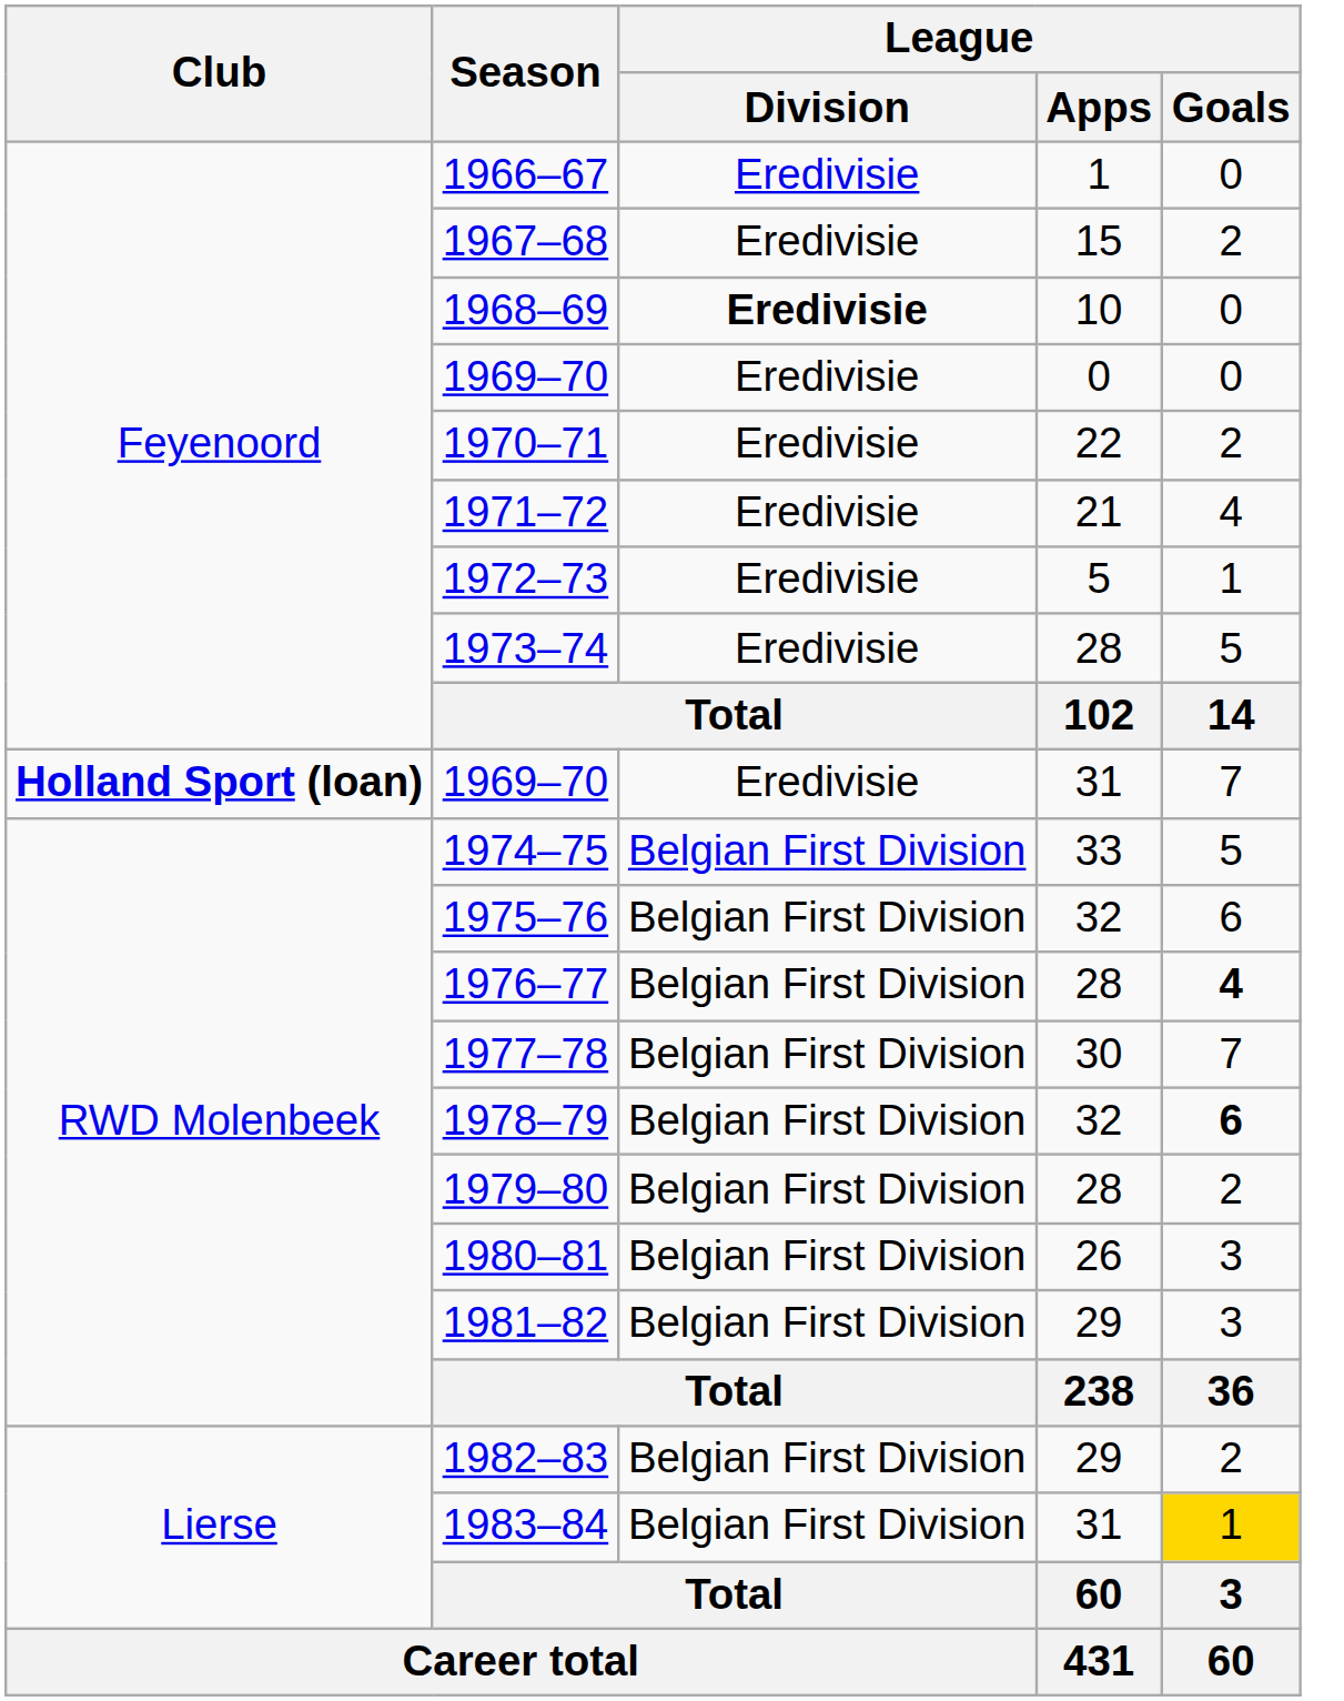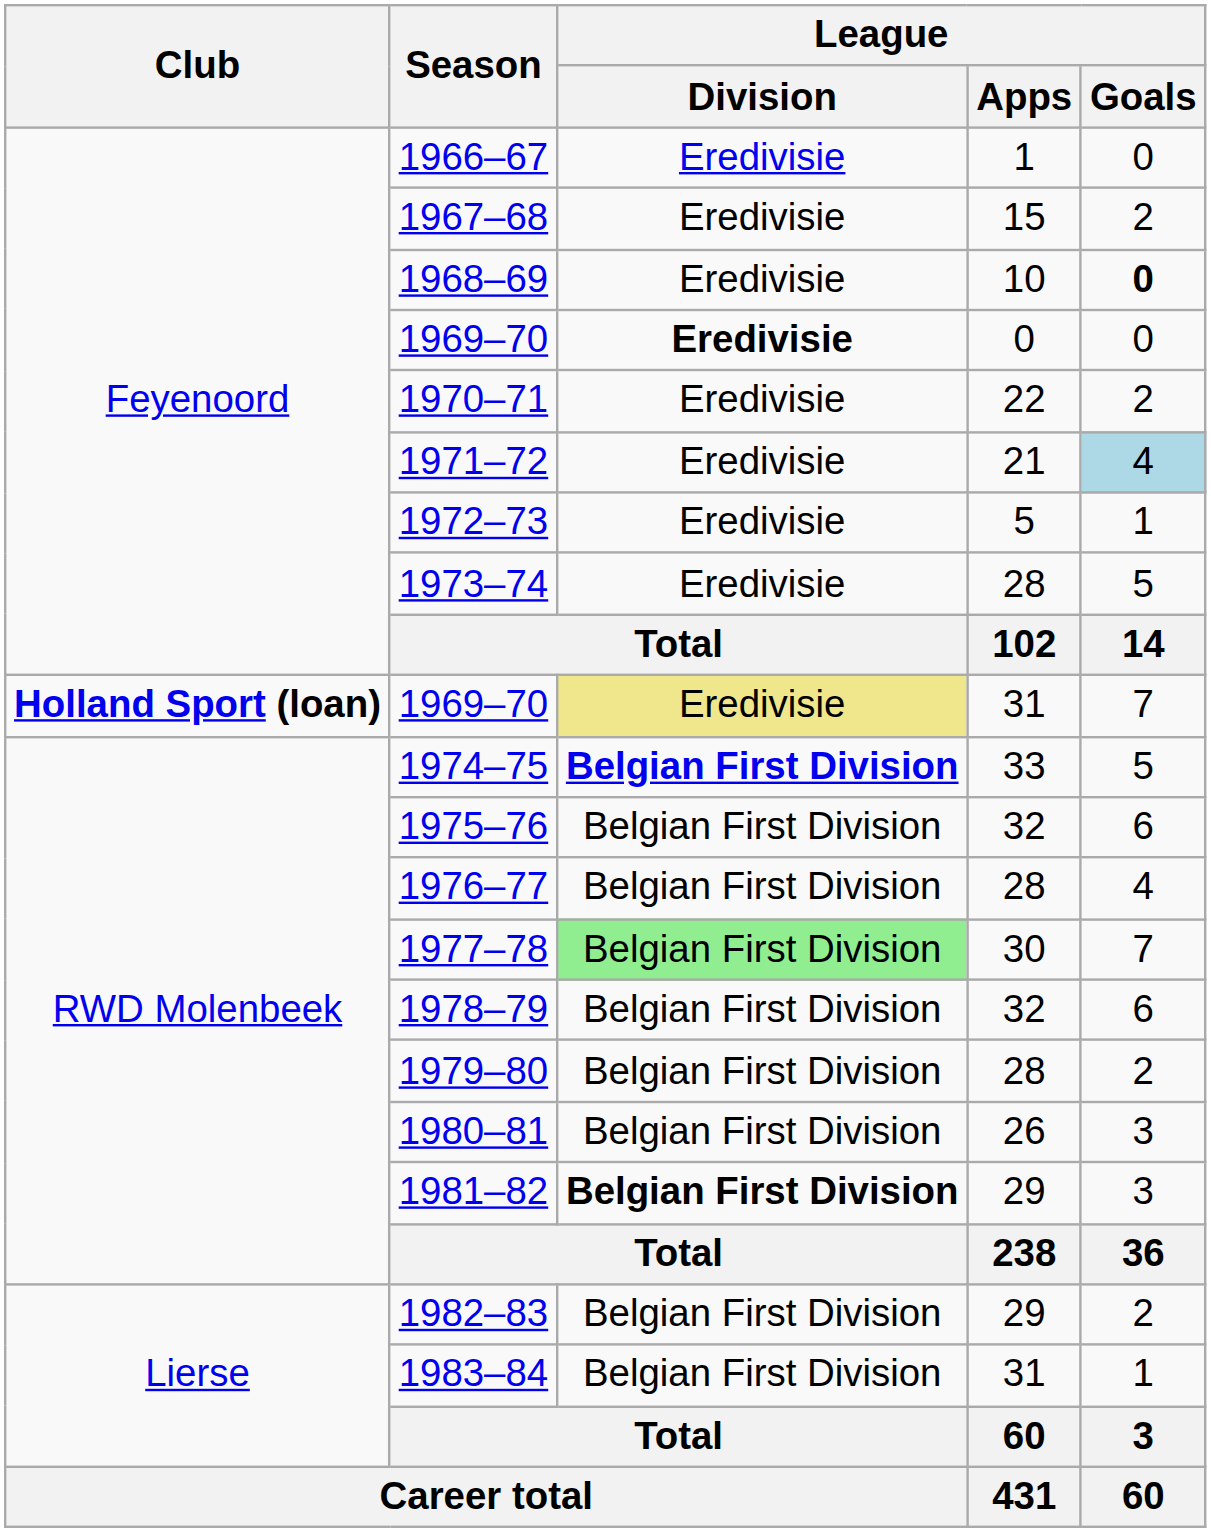 <table class="wikitable" style="text-align: center">
 <tr>
 <th rowspan="2">Club</th>
 <th rowspan="2">Season</th>
 <th colspan="3">League</th>
 </tr>
 <tr>
 <th>Division</th>
 <th>Apps</th>
 <th>Goals</th>
 </tr>
 <tr>
 <td rowspan="9"><a href='#'>Feyenoord</a></td>
 <td><a href='#'>1966–67</a></td>
 <td><a href='#'>Eredivisie</a></td>
 <td>1</td>
 <td>0</td>
 </tr>
 <tr>
 <td><a href='#'>1967–68</a></td>
 <td>Eredivisie</td>
 <td>15</td>
 <td>2</td>
 </tr>
 <tr>
 <td><a href='#'>1968–69</a></td>
-<td><strong>Eredivisie</strong></td>
+<td>Eredivisie</td>
 <td>10</td>
-<td>0</td>
+<td><strong>0</strong></td>
 </tr>
 <tr>
 <td><a href='#'>1969–70</a></td>
-<td>Eredivisie</td>
+<td><strong>Eredivisie</strong></td>
 <td>0</td>
 <td>0</td>
 </tr>
 <tr>
 <td><a href='#'>1970–71</a></td>
 <td>Eredivisie</td>
 <td>22</td>
 <td>2</td>
 </tr>
 <tr>
 <td><a href='#'>1971–72</a></td>
 <td>Eredivisie</td>
 <td>21</td>
-<td>4</td>
+<td style="background: lightblue;">4</td>
 </tr>
 <tr>
 <td><a href='#'>1972–73</a></td>
 <td>Eredivisie</td>
 <td>5</td>
 <td>1</td>
 </tr>
 <tr>
 <td><a href='#'>1973–74</a></td>
 <td>Eredivisie</td>
 <td>28</td>
 <td>5</td>
 </tr>
 <tr>
 <th colspan="2">Total</th>
 <th>102</th>
 <th>14</th>
 </tr>
 <tr>
 <td><strong><a href='#'>Holland Sport</a> (loan)</strong></td>
 <td><a href='#'>1969–70</a></td>
-<td>Eredivisie</td>
+<td style="background: khaki;">Eredivisie</td>
 <td>31</td>
 <td>7</td>
 </tr>
 <tr>
 <td rowspan="9"><a href='#'>RWD Molenbeek</a></td>
 <td><a href='#'>1974–75</a></td>
-<td><a href='#'>Belgian First Division</a></td>
+<td><strong><a href='#'>Belgian First Division</a></strong></td>
 <td>33</td>
 <td>5</td>
 </tr>
 <tr>
 <td><a href='#'>1975–76</a></td>
 <td>Belgian First Division</td>
 <td>32</td>
 <td>6</td>
 </tr>
 <tr>
 <td><a href='#'>1976–77</a></td>
 <td>Belgian First Division</td>
 <td>28</td>
-<td><strong>4</strong></td>
+<td>4</td>
 </tr>
 <tr>
 <td><a href='#'>1977–78</a></td>
-<td>Belgian First Division</td>
+<td style="background: lightgreen;">Belgian First Division</td>
 <td>30</td>
 <td>7</td>
 </tr>
 <tr>
 <td><a href='#'>1978–79</a></td>
 <td>Belgian First Division</td>
 <td>32</td>
-<td><strong>6</strong></td>
+<td>6</td>
 </tr>
 <tr>
 <td><a href='#'>1979–80</a></td>
 <td>Belgian First Division</td>
 <td>28</td>
 <td>2</td>
 </tr>
 <tr>
 <td><a href='#'>1980–81</a></td>
 <td>Belgian First Division</td>
 <td>26</td>
 <td>3</td>
 </tr>
 <tr>
 <td><a href='#'>1981–82</a></td>
-<td>Belgian First Division</td>
+<td><strong>Belgian First Division</strong></td>
 <td>29</td>
 <td>3</td>
 </tr>
 <tr>
 <th colspan="2">Total</th>
 <th>238</th>
 <th>36</th>
 </tr>
 <tr>
 <td rowspan="3"><a href='#'>Lierse</a></td>
 <td><a href='#'>1982–83</a></td>
 <td>Belgian First Division</td>
 <td>29</td>
 <td>2</td>
 </tr>
 <tr>
 <td><a href='#'>1983–84</a></td>
 <td>Belgian First Division</td>
 <td>31</td>
-<td style="background: gold;">1</td>
+<td>1</td>
 </tr>
 <tr>
 <th colspan="2">Total</th>
 <th>60</th>
 <th>3</th>
 </tr>
 <tr>
 <th colspan="3">Career total</th>
 <th>431</th>
 <th>60</th>
 </tr>
 </table>
